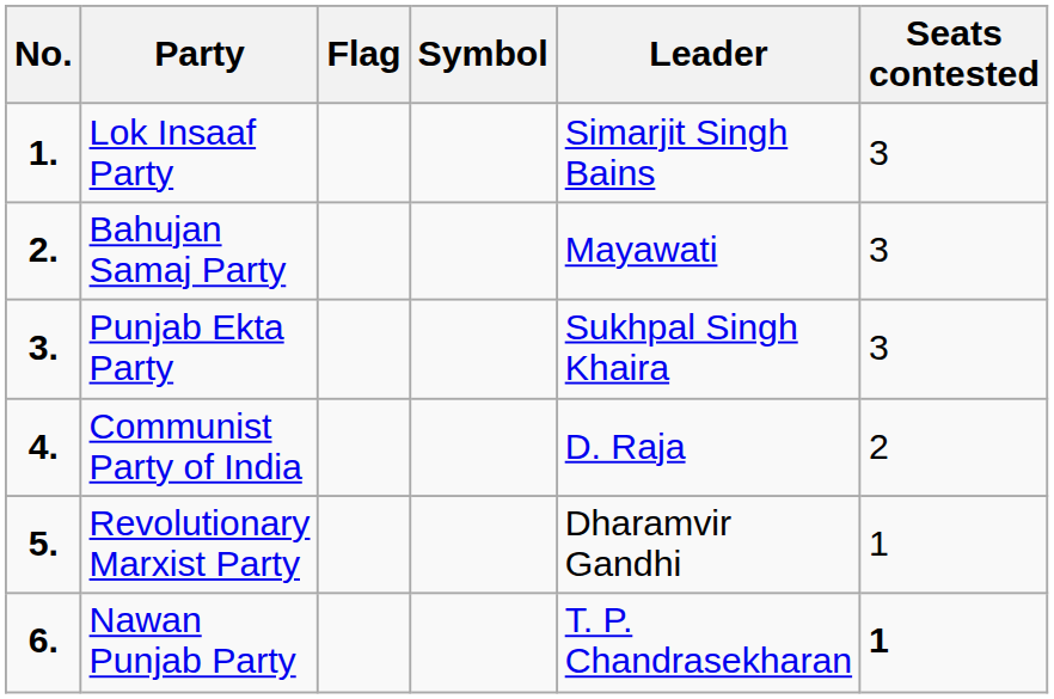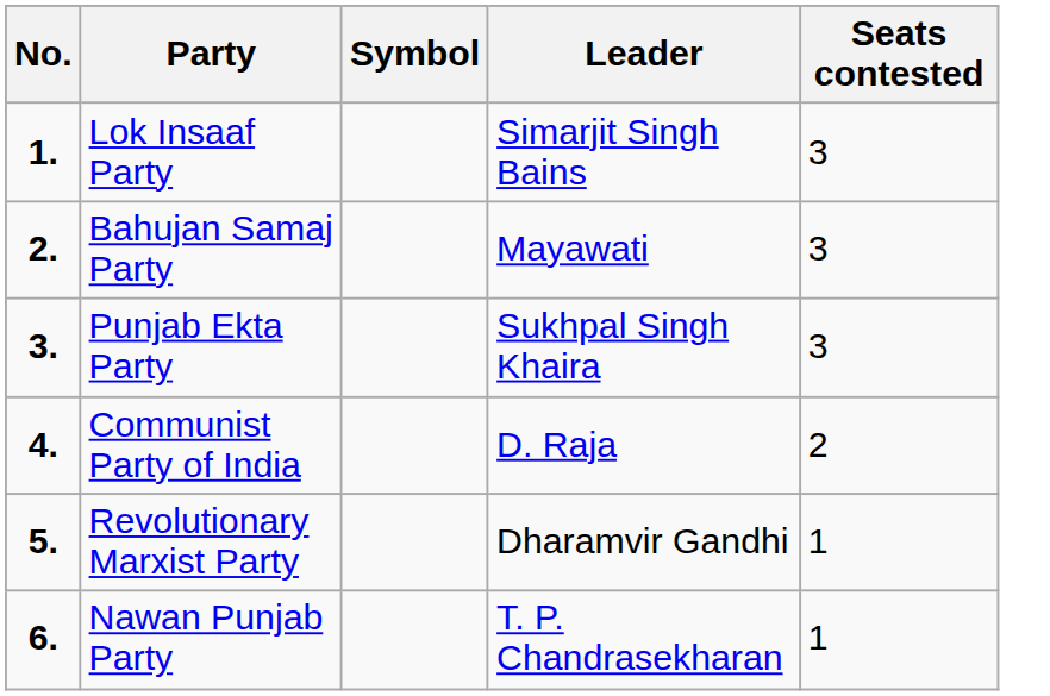 <table class="wikitable" width="50%">
 <tr>
 <th>No.</th>
 <th>Party</th>
-<th>Flag</th>
 <th>Symbol</th>
 <th>Leader</th>
 <th>Seats contested</th>
 </tr>
 <tr>
 <td ! style="text-align:center; background:"><strong>1.</strong></td>
 <td><a href='#'>Lok Insaaf Party</a></td>
 <td></td>
-<td></td>
 <td><a href='#'>Simarjit Singh Bains</a></td>
 <td>3</td>
 </tr>
 <tr>
 <td ! style="text-align:center; background:"><strong>2.</strong></td>
 <td><a href='#'>Bahujan Samaj Party</a></td>
-<td></td>
 <td></td>
 <td><a href='#'>Mayawati</a></td>
 <td>3</td>
 </tr>
 <tr>
 <td ! style="text-align:center; background:"><strong>3.</strong></td>
 <td><a href='#'>Punjab Ekta Party</a></td>
 <td></td>
-<td></td>
 <td><a href='#'>Sukhpal Singh Khaira</a></td>
 <td>3</td>
 </tr>
 <tr>
 <td ! style="text-align:center; background:"><strong>4.</strong></td>
 <td><a href='#'>Communist Party of India</a></td>
-<td></td>
 <td></td>
 <td><a href='#'>D. Raja</a></td>
 <td>2</td>
 </tr>
 <tr>
 <td ! style="text-align:center; background:"><strong>5.</strong></td>
 <td><a href='#'>Revolutionary Marxist Party</a></td>
 <td></td>
-<td></td>
 <td>Dharamvir Gandhi</td>
 <td>1</td>
 </tr>
 <tr>
 <td ! style="text-align:center; background:"><strong>6.</strong></td>
 <td><a href='#'>Nawan Punjab Party</a></td>
 <td></td>
-<td></td>
 <td><a href='#'>T. P. Chandrasekharan</a></td>
-<td><strong>1</strong></td>
+<td>1</td>
 </tr>
 </table>
